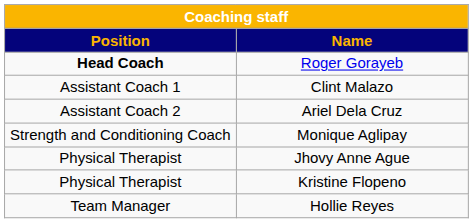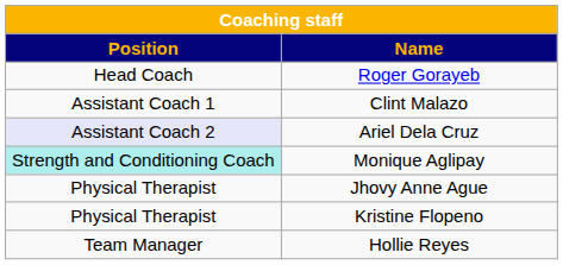 <table class="wikitable sortable" style="font-size:90%; text-align:center;">
 <tr>
 <th colspan="5" style= "background:#FAB500; color:#FFFFFF; text-align: center">Coaching staff</th>
 </tr>
 <tr align=center>
 <th style="width:15em; background:#04037B; color:#FAB500;">Position</th>
 <th style="width:15em; background:#04037B; color:#FAB500;">Name</th>
 </tr>
 <tr>
-<td><strong>Head Coach</strong></td>
+<td>Head Coach</td>
 <td> <a href='#'>Roger Gorayeb</a></td>
 </tr>
 <tr>
 <td>Assistant Coach 1</td>
 <td> Clint Malazo</td>
 </tr>
 <tr>
-<td>Assistant Coach 2</td>
+<td style="background: lavender;">Assistant Coach 2</td>
 <td> Ariel Dela Cruz</td>
 </tr>
 <tr>
-<td>Strength and Conditioning Coach</td>
+<td style="background: paleturquoise;">Strength and Conditioning Coach</td>
 <td> Monique Aglipay</td>
 </tr>
 <tr>
 <td>Physical Therapist</td>
 <td> Jhovy Anne Ague</td>
 </tr>
 <tr>
 <td>Physical Therapist</td>
 <td> Kristine Flopeno</td>
 </tr>
 <tr>
 <td>Team Manager</td>
 <td> Hollie Reyes</td>
 </tr>
 </table>
